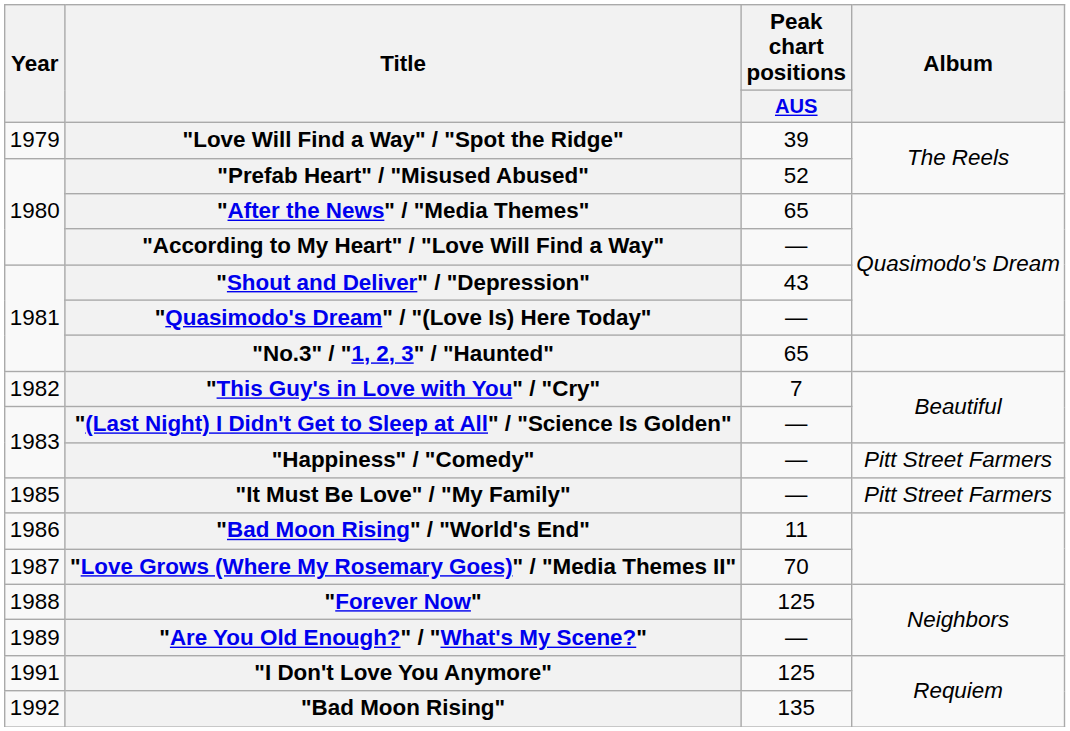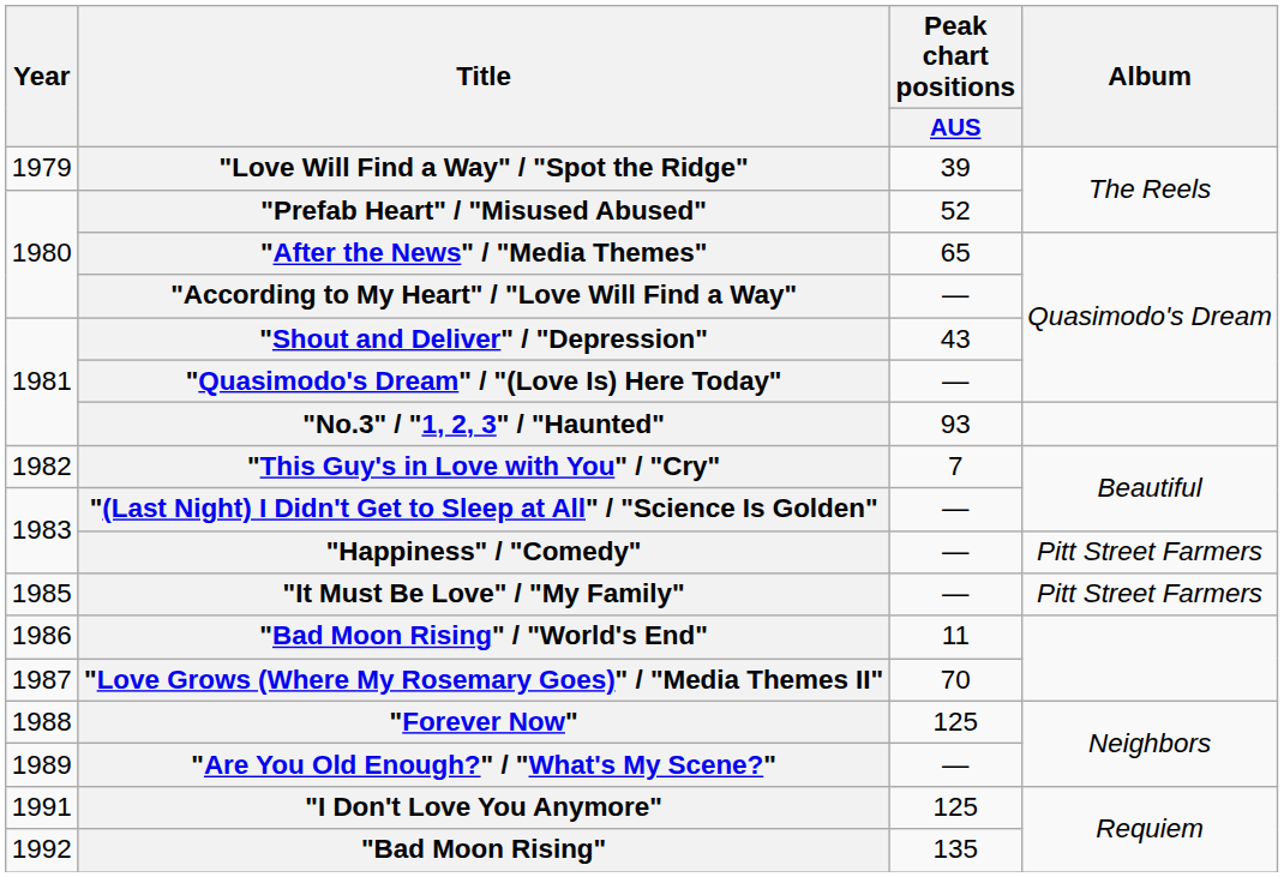 <table class="wikitable plainrowheaders" style="text-align:center">
 <tr>
 <th scope="col" rowspan="2">Year</th>
 <th scope="col" rowspan="2">Title</th>
 <th scope="col" colspan="1">Peak chart<br>positions</th>
 <th scope="col" rowspan="2">Album</th>
 </tr>
 <tr>
 <th scope="col" style="width:3em; font-size:90%"><a href='#'>AUS</a><br></th>
 </tr>
 <tr>
 <td>1979</td>
 <th scope="row">"Love Will Find a Way" / "Spot the Ridge"</th>
 <td>39</td>
 <td rowspan="2"><em>The Reels</em></td>
 </tr>
 <tr>
 <td rowspan="3">1980</td>
 <th scope="row">"Prefab Heart" / "Misused Abused"</th>
 <td>52</td>
 </tr>
 <tr>
 <th scope="row">"<a href='#'>After the News</a>" / "Media Themes"</th>
 <td>65</td>
 <td rowspan="4"><em>Quasimodo's Dream</em></td>
 </tr>
 <tr>
 <th scope="row">"According to My Heart" / "Love Will Find a Way"</th>
 <td>—</td>
 </tr>
 <tr>
 <td rowspan="3">1981</td>
 <th scope="row">"<a href='#'>Shout and Deliver</a>" / "Depression"</th>
 <td>43</td>
 </tr>
 <tr>
 <th scope="row">"<a href='#'>Quasimodo's Dream</a>" / "(Love Is) Here Today"</th>
 <td>—</td>
 </tr>
 <tr>
 <th scope="row">"No.3" / "<a href='#'>1, 2, 3</a>" / "Haunted"</th>
-<td>65</td>
+<td>93</td>
 <td></td>
 </tr>
 <tr>
 <td>1982</td>
 <th scope="row">"<a href='#'>This Guy's in Love with You</a>" / "Cry"</th>
 <td>7</td>
 <td rowspan="2"><em>Beautiful</em></td>
 </tr>
 <tr>
 <td rowspan="2">1983</td>
 <th scope="row">"<a href='#'>(Last Night) I Didn't Get to Sleep at All</a>" / "Science Is Golden"</th>
 <td>—</td>
 </tr>
 <tr>
 <th scope="row">"Happiness" / "Comedy"</th>
 <td>—</td>
 <td><em>Pitt Street Farmers</em></td>
 </tr>
 <tr>
 <td>1985</td>
 <th scope="row">"It Must Be Love" / "My Family"</th>
 <td>—</td>
 <td><em>Pitt Street Farmers</em></td>
 </tr>
 <tr>
 <td>1986</td>
 <th scope="row">"<a href='#'>Bad Moon Rising</a>" / "World's End"</th>
 <td>11</td>
 </tr>
 <tr>
 <td>1987</td>
 <th scope="row">"<a href='#'>Love Grows (Where My Rosemary Goes)</a>" / "Media Themes II"</th>
 <td>70</td>
 </tr>
 <tr>
 <td>1988</td>
 <th scope="row">"<a href='#'>Forever Now</a>"</th>
 <td>125</td>
 <td rowspan="2"><em>Neighbors</em></td>
 </tr>
 <tr>
 <td>1989</td>
 <th scope="row">"<a href='#'>Are You Old Enough?</a>" / "<a href='#'>What's My Scene?</a>"</th>
 <td>—</td>
 </tr>
 <tr>
 <td>1991</td>
 <th scope="row">"I Don't Love You Anymore"</th>
 <td>125</td>
 <td rowspan="2"><em>Requiem</em></td>
 </tr>
 <tr>
 <td>1992</td>
 <th scope="row">"Bad Moon Rising"</th>
 <td>135</td>
 </tr>
 </table>
